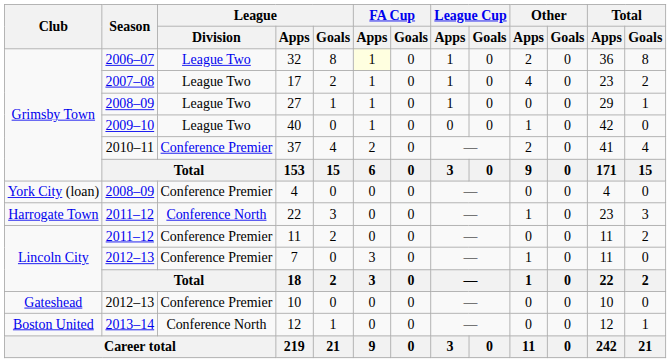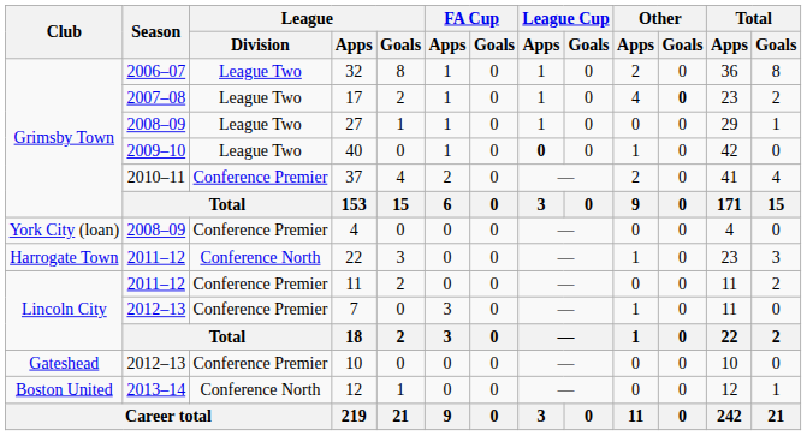 <table class="wikitable" style="text-align: center;">
 <tr>
 <th rowspan="2">Club</th>
 <th rowspan="2">Season</th>
 <th colspan="3">League</th>
 <th colspan="2"><a href='#'>FA Cup</a></th>
 <th colspan="2"><a href='#'>League Cup</a></th>
 <th colspan="2">Other</th>
 <th colspan="2">Total</th>
 </tr>
 <tr>
 <th>Division</th>
 <th>Apps</th>
 <th>Goals</th>
 <th>Apps</th>
 <th>Goals</th>
 <th>Apps</th>
 <th>Goals</th>
 <th>Apps</th>
 <th>Goals</th>
 <th>Apps</th>
 <th>Goals</th>
 </tr>
 <tr>
 <td rowspan="6"><a href='#'>Grimsby Town</a></td>
 <td><a href='#'>2006–07</a></td>
 <td><a href='#'>League Two</a></td>
 <td>32</td>
 <td>8</td>
-<td style="background: lightyellow;">1</td>
+<td>1</td>
 <td>0</td>
 <td>1</td>
 <td>0</td>
 <td>2</td>
 <td>0</td>
 <td>36</td>
 <td>8</td>
 </tr>
 <tr>
 <td><a href='#'>2007–08</a></td>
 <td>League Two</td>
 <td>17</td>
 <td>2</td>
 <td>1</td>
 <td>0</td>
 <td>1</td>
 <td>0</td>
 <td>4</td>
-<td>0</td>
+<td><strong>0</strong></td>
 <td>23</td>
 <td>2</td>
 </tr>
 <tr>
 <td><a href='#'>2008–09</a></td>
 <td>League Two</td>
 <td>27</td>
 <td>1</td>
 <td>1</td>
 <td>0</td>
 <td>1</td>
 <td>0</td>
 <td>0</td>
 <td>0</td>
 <td>29</td>
 <td>1</td>
 </tr>
 <tr>
 <td><a href='#'>2009–10</a></td>
 <td>League Two</td>
 <td>40</td>
 <td>0</td>
 <td>1</td>
 <td>0</td>
-<td>0</td>
+<td><strong>0</strong></td>
 <td>0</td>
 <td>1</td>
 <td>0</td>
 <td>42</td>
 <td>0</td>
 </tr>
 <tr>
 <td>2010–11</td>
 <td><a href='#'>Conference Premier</a></td>
 <td>37</td>
 <td>4</td>
 <td>2</td>
 <td>0</td>
 <td colspan="2">—</td>
 <td>2</td>
 <td>0</td>
 <td>41</td>
 <td>4</td>
 </tr>
 <tr>
 <th colspan="2">Total</th>
 <th>153</th>
 <th>15</th>
 <th>6</th>
 <th>0</th>
 <th>3</th>
 <th>0</th>
 <th>9</th>
 <th>0</th>
 <th>171</th>
 <th>15</th>
 </tr>
 <tr>
 <td rowspan="1"><a href='#'>York City</a> (loan)</td>
 <td><a href='#'>2008–09</a></td>
 <td>Conference Premier</td>
 <td>4</td>
 <td>0</td>
 <td>0</td>
 <td>0</td>
 <td colspan="2">—</td>
 <td>0</td>
 <td>0</td>
 <td>4</td>
 <td>0</td>
 </tr>
 <tr>
 <td rowspan="1"><a href='#'>Harrogate Town</a></td>
 <td><a href='#'>2011–12</a></td>
 <td><a href='#'>Conference North</a></td>
 <td>22</td>
 <td>3</td>
 <td>0</td>
 <td>0</td>
 <td colspan="2">—</td>
 <td>1</td>
 <td>0</td>
 <td>23</td>
 <td>3</td>
 </tr>
 <tr>
 <td rowspan="3"><a href='#'>Lincoln City</a></td>
 <td><a href='#'>2011–12</a></td>
 <td>Conference Premier</td>
 <td>11</td>
 <td>2</td>
 <td>0</td>
 <td>0</td>
 <td colspan="2">—</td>
 <td>0</td>
 <td>0</td>
 <td>11</td>
 <td>2</td>
 </tr>
 <tr>
 <td><a href='#'>2012–13</a></td>
 <td>Conference Premier</td>
 <td>7</td>
 <td>0</td>
 <td>3</td>
 <td>0</td>
 <td colspan="2">—</td>
 <td>1</td>
 <td>0</td>
 <td>11</td>
 <td>0</td>
 </tr>
 <tr>
 <th colspan="2">Total</th>
 <th>18</th>
 <th>2</th>
 <th>3</th>
 <th>0</th>
 <th colspan="2">—</th>
 <th>1</th>
 <th>0</th>
 <th>22</th>
 <th>2</th>
 </tr>
 <tr>
 <td rowspan="1"><a href='#'>Gateshead</a></td>
 <td>2012–13</td>
 <td>Conference Premier</td>
 <td>10</td>
 <td>0</td>
 <td>0</td>
 <td>0</td>
 <td colspan="2">—</td>
 <td>0</td>
 <td>0</td>
 <td>10</td>
 <td>0</td>
 </tr>
 <tr>
 <td rowspan="1"><a href='#'>Boston United</a></td>
 <td><a href='#'>2013–14</a></td>
 <td>Conference North</td>
 <td>12</td>
 <td>1</td>
 <td>0</td>
 <td>0</td>
 <td colspan="2">—</td>
 <td>0</td>
 <td>0</td>
 <td>12</td>
 <td>1</td>
 </tr>
 <tr>
 <th colspan="3">Career total</th>
 <th>219</th>
 <th>21</th>
 <th>9</th>
 <th>0</th>
 <th>3</th>
 <th>0</th>
 <th>11</th>
 <th>0</th>
 <th>242</th>
 <th>21</th>
 </tr>
 </table>
